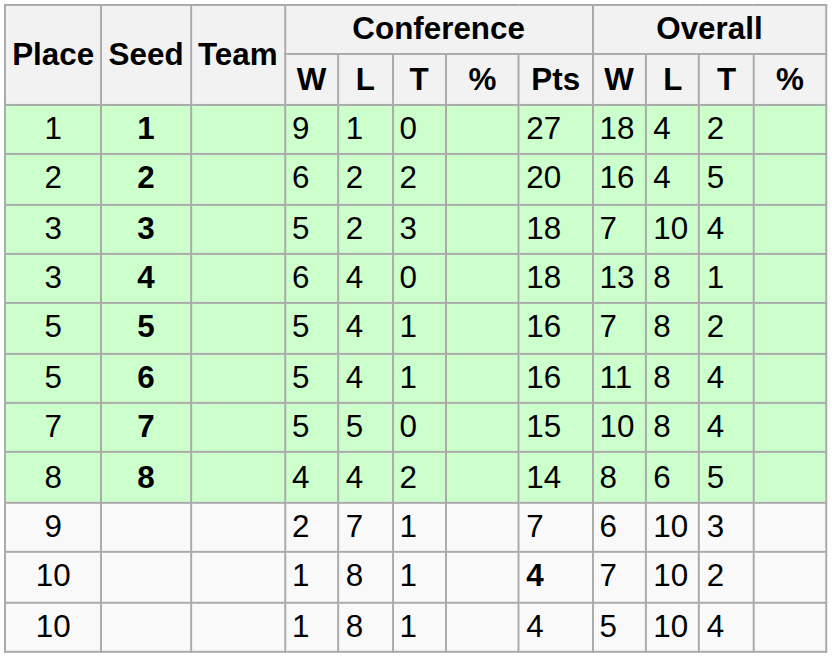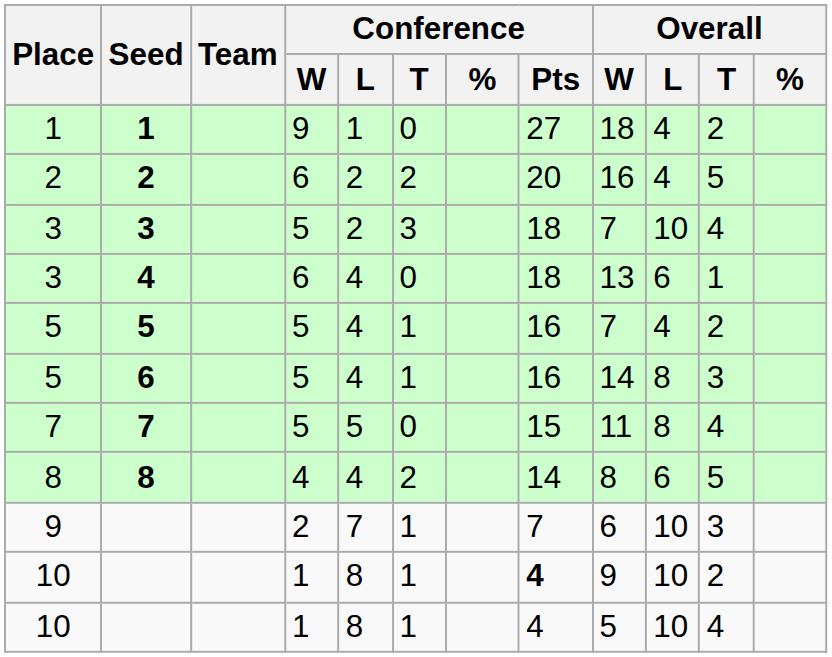 <table class="wikitable">
 <tr>
 <th rowspan ="2">Place</th>
 <th rowspan ="2">Seed</th>
 <th rowspan ="2">Team</th>
 <th colspan = "5">Conference</th>
 <th colspan = "4">Overall</th>
 </tr>
 <tr>
 <th scope="col" style="width: 20px;">W</th>
 <th scope="col" style="width: 20px;">L</th>
 <th scope="col" style="width: 20px;">T</th>
 <th scope="col" style="width: 30px;">%</th>
 <th scope="col" style="width: 30px;">Pts</th>
 <th scope="col" style="width: 20px;">W</th>
 <th scope="col" style="width: 20px;">L</th>
 <th scope="col" style="width: 20px;">T</th>
 <th scope="col" style="width: 30px;">%</th>
 </tr>
 <tr bgcolor=#ccffcc>
 <td style="text-align:center;">1</td>
 <td style="text-align:center;"><strong>1</strong></td>
 <td></td>
 <td>9</td>
 <td>1</td>
 <td>0</td>
 <td></td>
 <td>27</td>
 <td>18</td>
 <td>4</td>
 <td>2</td>
 <td></td>
 </tr>
 <tr bgcolor=#ccffcc>
 <td style="text-align:center;">2</td>
 <td style="text-align:center;"><strong>2</strong></td>
 <td></td>
 <td>6</td>
 <td>2</td>
 <td>2</td>
 <td></td>
 <td>20</td>
 <td>16</td>
 <td>4</td>
 <td>5</td>
 <td></td>
 </tr>
 <tr bgcolor=#ccffcc>
 <td style="text-align:center;">3</td>
 <td style="text-align:center;"><strong>3</strong></td>
 <td></td>
 <td>5</td>
 <td>2</td>
 <td>3</td>
 <td></td>
 <td>18</td>
 <td>7</td>
 <td>10</td>
 <td>4</td>
 <td></td>
 </tr>
 <tr bgcolor=#ccffcc>
 <td style="text-align:center;">3</td>
 <td style="text-align:center;"><strong>4</strong></td>
 <td></td>
 <td>6</td>
 <td>4</td>
 <td>0</td>
 <td></td>
 <td>18</td>
 <td>13</td>
-<td>8</td>
+<td>6</td>
 <td>1</td>
 <td></td>
 </tr>
 <tr bgcolor=#ccffcc>
 <td style="text-align:center;">5</td>
 <td style="text-align:center;"><strong>5</strong></td>
 <td></td>
 <td>5</td>
 <td>4</td>
 <td>1</td>
 <td></td>
 <td>16</td>
 <td>7</td>
-<td>8</td>
+<td>4</td>
 <td>2</td>
 <td></td>
 </tr>
 <tr bgcolor=#ccffcc>
 <td style="text-align:center;">5</td>
 <td style="text-align:center;"><strong>6</strong></td>
 <td></td>
 <td>5</td>
 <td>4</td>
 <td>1</td>
 <td></td>
 <td>16</td>
-<td>11</td>
+<td>14</td>
 <td>8</td>
-<td>4</td>
+<td>3</td>
 <td></td>
 </tr>
 <tr bgcolor=#ccffcc>
 <td style="text-align:center;">7</td>
 <td style="text-align:center;"><strong>7</strong></td>
 <td></td>
 <td>5</td>
 <td>5</td>
 <td>0</td>
 <td></td>
 <td>15</td>
-<td>10</td>
+<td>11</td>
 <td>8</td>
 <td>4</td>
 <td></td>
 </tr>
 <tr bgcolor=#ccffcc>
 <td style="text-align:center;">8</td>
 <td style="text-align:center;"><strong>8</strong></td>
 <td></td>
 <td>4</td>
 <td>4</td>
 <td>2</td>
 <td></td>
 <td>14</td>
 <td>8</td>
 <td>6</td>
 <td>5</td>
 <td></td>
 </tr>
 <tr>
 <td style="text-align:center;">9</td>
 <td style="text-align:center;"></td>
 <td></td>
 <td>2</td>
 <td>7</td>
 <td>1</td>
 <td></td>
 <td>7</td>
 <td>6</td>
 <td>10</td>
 <td>3</td>
 <td></td>
 </tr>
 <tr>
 <td style="text-align:center;">10</td>
 <td style="text-align:center;"></td>
 <td></td>
 <td>1</td>
 <td>8</td>
 <td>1</td>
 <td></td>
 <td><strong>4</strong></td>
-<td>7</td>
+<td>9</td>
 <td>10</td>
 <td>2</td>
 <td></td>
 </tr>
 <tr>
 <td style="text-align:center;">10</td>
 <td style="text-align:center;"></td>
 <td></td>
 <td>1</td>
 <td>8</td>
 <td>1</td>
 <td></td>
 <td>4</td>
 <td>5</td>
 <td>10</td>
 <td>4</td>
 <td></td>
 </tr>
 </table>
